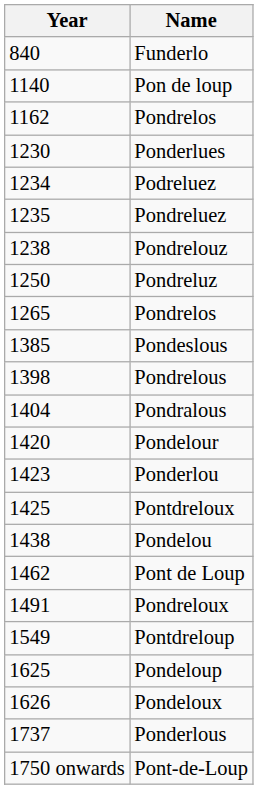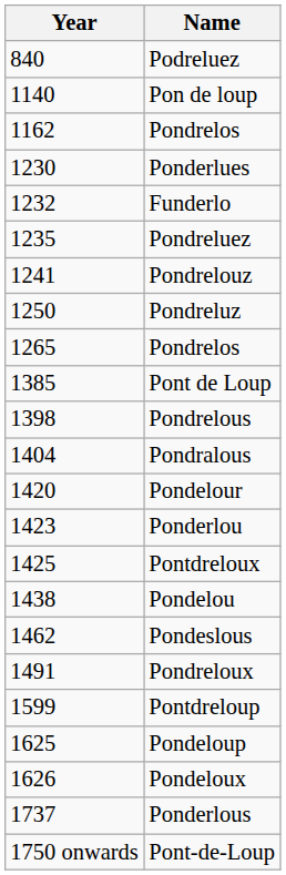 <table class="wikitable sortable">
 <tr>
 <th>Year</th>
 <th>Name</th>
 </tr>
 <tr>
 <td>840</td>
-<td>Funderlo</td>
+<td>Podreluez</td>
 </tr>
 <tr>
 <td>1140</td>
 <td>Pon de loup</td>
 </tr>
 <tr>
 <td>1162</td>
 <td>Pondrelos</td>
 </tr>
 <tr>
 <td>1230</td>
 <td>Ponderlues</td>
 </tr>
 <tr>
-<td>1234</td>
-<td>Podreluez</td>
+<td>1232</td>
+<td>Funderlo</td>
 </tr>
 <tr>
 <td>1235</td>
 <td>Pondreluez</td>
 </tr>
 <tr>
-<td>1238</td>
+<td>1241</td>
 <td>Pondrelouz</td>
 </tr>
 <tr>
 <td>1250</td>
 <td>Pondreluz</td>
 </tr>
 <tr>
 <td>1265</td>
 <td>Pondrelos</td>
 </tr>
 <tr>
 <td>1385</td>
-<td>Pondeslous</td>
+<td>Pont de Loup</td>
 </tr>
 <tr>
 <td>1398</td>
 <td>Pondrelous</td>
 </tr>
 <tr>
 <td>1404</td>
 <td>Pondralous</td>
 </tr>
 <tr>
 <td>1420</td>
 <td>Pondelour</td>
 </tr>
 <tr>
 <td>1423</td>
 <td>Ponderlou</td>
 </tr>
 <tr>
 <td>1425</td>
 <td>Pontdreloux</td>
 </tr>
 <tr>
 <td>1438</td>
 <td>Pondelou</td>
 </tr>
 <tr>
 <td>1462</td>
-<td>Pont de Loup</td>
+<td>Pondeslous</td>
 </tr>
 <tr>
 <td>1491</td>
 <td>Pondreloux</td>
 </tr>
 <tr>
-<td>1549</td>
+<td>1599</td>
 <td>Pontdreloup</td>
 </tr>
 <tr>
 <td>1625</td>
 <td>Pondeloup</td>
 </tr>
 <tr>
 <td>1626</td>
 <td>Pondeloux</td>
 </tr>
 <tr>
 <td>1737</td>
 <td>Ponderlous</td>
 </tr>
 <tr>
 <td>1750 onwards</td>
 <td>Pont-de-Loup</td>
 </tr>
 </table>
